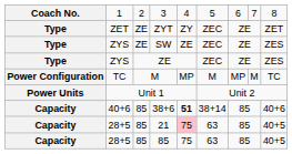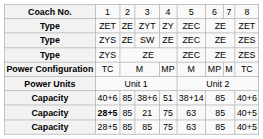 <table class="wikitable" style="text-align: center; font-size: small;">
 <tr>
 <th>Coach No.</th>
 <td>1</td>
 <td>2</td>
 <td>3</td>
 <td>4</td>
 <td>5</td>
 <td>6</td>
 <td>7</td>
 <td>8</td>
 </tr>
 <tr>
 <th>Type</th>
 <td colspan=1>ZET</td>
 <td colspan=1>ZE</td>
 <td colspan=1>ZYT</td>
 <td colspan=1>ZY</td>
 <td colspan=1>ZEC</td>
 <td colspan=2>ZE</td>
 <td colspan=1>ZET</td>
 </tr>
 <tr>
 <th>Type</th>
 <td colspan=1>ZYS</td>
 <td colspan=1>ZE</td>
 <td colspan=1>SW</td>
 <td colspan=1>ZE</td>
 <td colspan=1>ZEC</td>
 <td colspan=2>ZE</td>
 <td colspan=1>ZES</td>
 </tr>
 <tr>
 <th>Type</th>
 <td colspan=1>ZYS</td>
 <td colspan=3>ZE</td>
 <td colspan=1>ZEC</td>
 <td colspan=2>ZE</td>
 <td colspan=1>ZES</td>
 </tr>
 <tr>
 <th>Power Configuration</th>
 <td colspan=1>TC</td>
 <td colspan=2>M</td>
 <td colspan=1>MP</td>
 <td colspan=1>M</td>
 <td colspan=1>MP</td>
 <td colspan=1>M</td>
 <td colspan=1>TC</td>
 </tr>
 <tr>
 <th>Power Units</th>
 <td colspan=4>Unit 1</td>
 <td colspan=4>Unit 2</td>
 </tr>
 <tr>
 <th>Capacity</th>
 <td>40+6</td>
 <td>85</td>
 <td>38+6</td>
-<td><strong>51</strong></td>
+<td>51</td>
 <td>38+14</td>
 <td colspan="2">85</td>
 <td>40+6</td>
 </tr>
 <tr>
 <th>Capacity</th>
-<td>28+5</td>
+<td><strong>28+5</strong></td>
 <td>85</td>
 <td>21</td>
-<td style="background: pink;">75</td>
+<td>75</td>
 <td>63</td>
 <td colspan="2">85</td>
 <td>40+5</td>
 </tr>
 <tr>
 <th>Capacity</th>
 <td>28+5</td>
 <td>85</td>
 <td>85</td>
 <td>75</td>
 <td>63</td>
 <td colspan="2">85</td>
 <td>40+5</td>
 </tr>
 </table>
